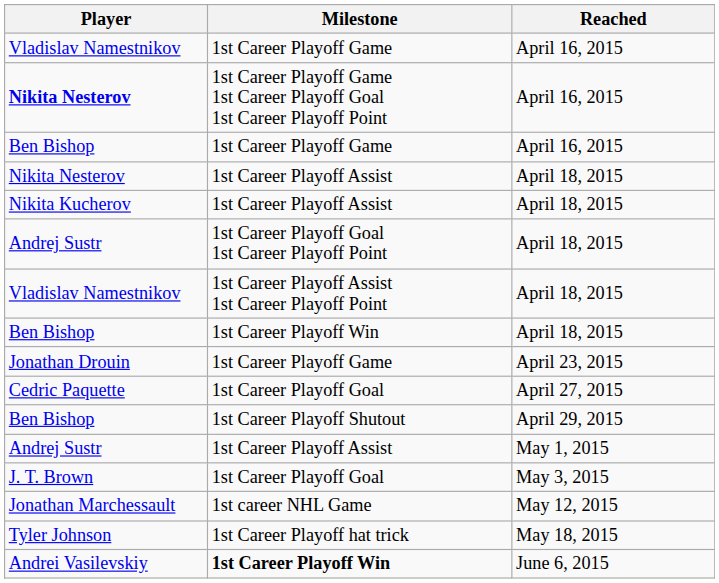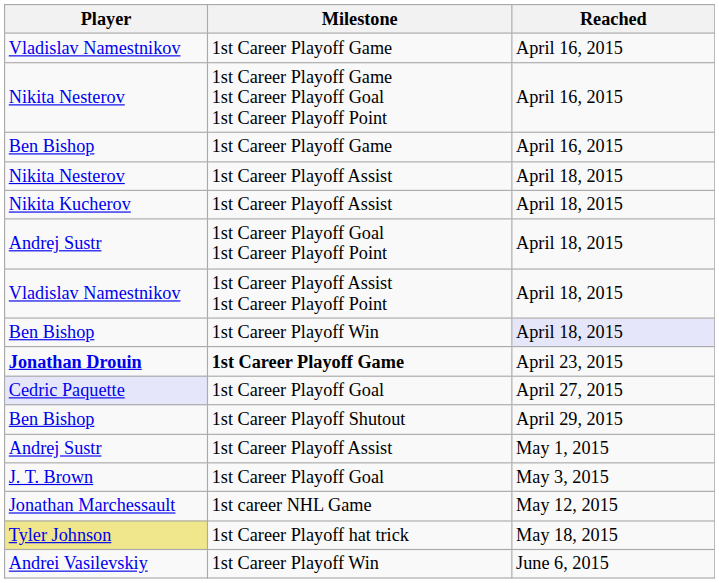 <table class="wikitable sortable" style="width:100%;">
 <tr align=center>
 <th style="width:20%;">Player</th>
 <th style="width:30%;">Milestone</th>
 <th style="width:20%;" data-sort-type="date">Reached</th>
 </tr>
 <tr>
 <td><a href='#'>Vladislav Namestnikov</a></td>
 <td>1st Career Playoff Game</td>
 <td>April 16, 2015</td>
 </tr>
 <tr>
-<td><strong><a href='#'>Nikita Nesterov</a></strong></td>
+<td><a href='#'>Nikita Nesterov</a></td>
 <td>1st Career Playoff Game<br>1st Career Playoff Goal<br>1st Career Playoff Point</td>
 <td>April 16, 2015</td>
 </tr>
 <tr>
 <td><a href='#'>Ben Bishop</a></td>
 <td>1st Career Playoff Game</td>
 <td>April 16, 2015</td>
 </tr>
 <tr>
 <td><a href='#'>Nikita Nesterov</a></td>
 <td>1st Career Playoff Assist</td>
 <td>April 18, 2015</td>
 </tr>
 <tr>
 <td><a href='#'>Nikita Kucherov</a></td>
 <td>1st Career Playoff Assist</td>
 <td>April 18, 2015</td>
 </tr>
 <tr>
 <td><a href='#'>Andrej Sustr</a></td>
 <td>1st Career Playoff Goal<br>1st Career Playoff Point</td>
 <td>April 18, 2015</td>
 </tr>
 <tr>
 <td><a href='#'>Vladislav Namestnikov</a></td>
 <td>1st Career Playoff Assist<br>1st Career Playoff Point</td>
 <td>April 18, 2015</td>
 </tr>
 <tr>
 <td><a href='#'>Ben Bishop</a></td>
 <td>1st Career Playoff Win</td>
-<td>April 18, 2015</td>
+<td style="background: lavender;">April 18, 2015</td>
 </tr>
 <tr>
-<td><a href='#'>Jonathan Drouin</a></td>
-<td>1st Career Playoff Game</td>
+<td><strong><a href='#'>Jonathan Drouin</a></strong></td>
+<td><strong>1st Career Playoff Game</strong></td>
 <td>April 23, 2015</td>
 </tr>
 <tr>
-<td><a href='#'>Cedric Paquette</a></td>
+<td style="background: lavender;"><a href='#'>Cedric Paquette</a></td>
 <td>1st Career Playoff Goal</td>
 <td>April 27, 2015</td>
 </tr>
 <tr>
 <td><a href='#'>Ben Bishop</a></td>
 <td>1st Career Playoff Shutout</td>
 <td>April 29, 2015</td>
 </tr>
 <tr>
 <td><a href='#'>Andrej Sustr</a></td>
 <td>1st Career Playoff Assist</td>
 <td>May 1, 2015</td>
 </tr>
 <tr>
 <td><a href='#'>J. T. Brown</a></td>
 <td>1st Career Playoff Goal</td>
 <td>May 3, 2015</td>
 </tr>
 <tr>
 <td><a href='#'>Jonathan Marchessault</a></td>
 <td>1st career NHL Game</td>
 <td>May 12, 2015</td>
 </tr>
 <tr>
-<td><a href='#'>Tyler Johnson</a></td>
+<td style="background: khaki;"><a href='#'>Tyler Johnson</a></td>
 <td>1st Career Playoff hat trick</td>
 <td>May 18, 2015</td>
 </tr>
 <tr>
 <td><a href='#'>Andrei Vasilevskiy</a></td>
-<td><strong>1st Career Playoff Win</strong></td>
+<td>1st Career Playoff Win</td>
 <td>June 6, 2015</td>
 </tr>
 </table>
